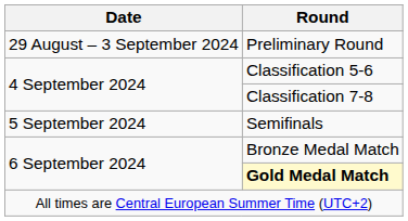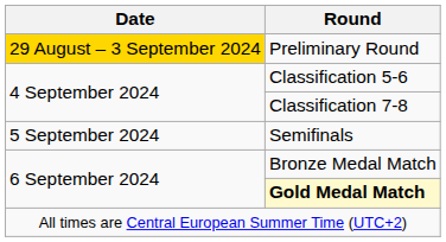 <table class="wikitable">
 <tr>
 <th>Date</th>
 <th>Round</th>
 </tr>
 <tr>
-<td>29 August – 3 September 2024</td>
+<td style="background: gold;">29 August – 3 September 2024</td>
 <td>Preliminary Round</td>
 </tr>
 <tr>
 <td rowspan=2>4 September 2024</td>
 <td>Classification 5-6</td>
 </tr>
 <tr>
 <td>Classification 7-8</td>
 </tr>
 <tr>
 <td>5 September 2024</td>
 <td>Semifinals</td>
 </tr>
 <tr>
 <td rowspan=2>6 September 2024</td>
 <td>Bronze Medal Match</td>
 </tr>
 <tr style=background:lemonchiffon>
 <td><strong>Gold Medal Match</strong></td>
 </tr>
 <tr>
 <td colspan=4 align=center><small>All times are <a href='#'>Central European Summer Time</a> (<a href='#'>UTC+2</a>)</small></td>
 </tr>
 </table>
